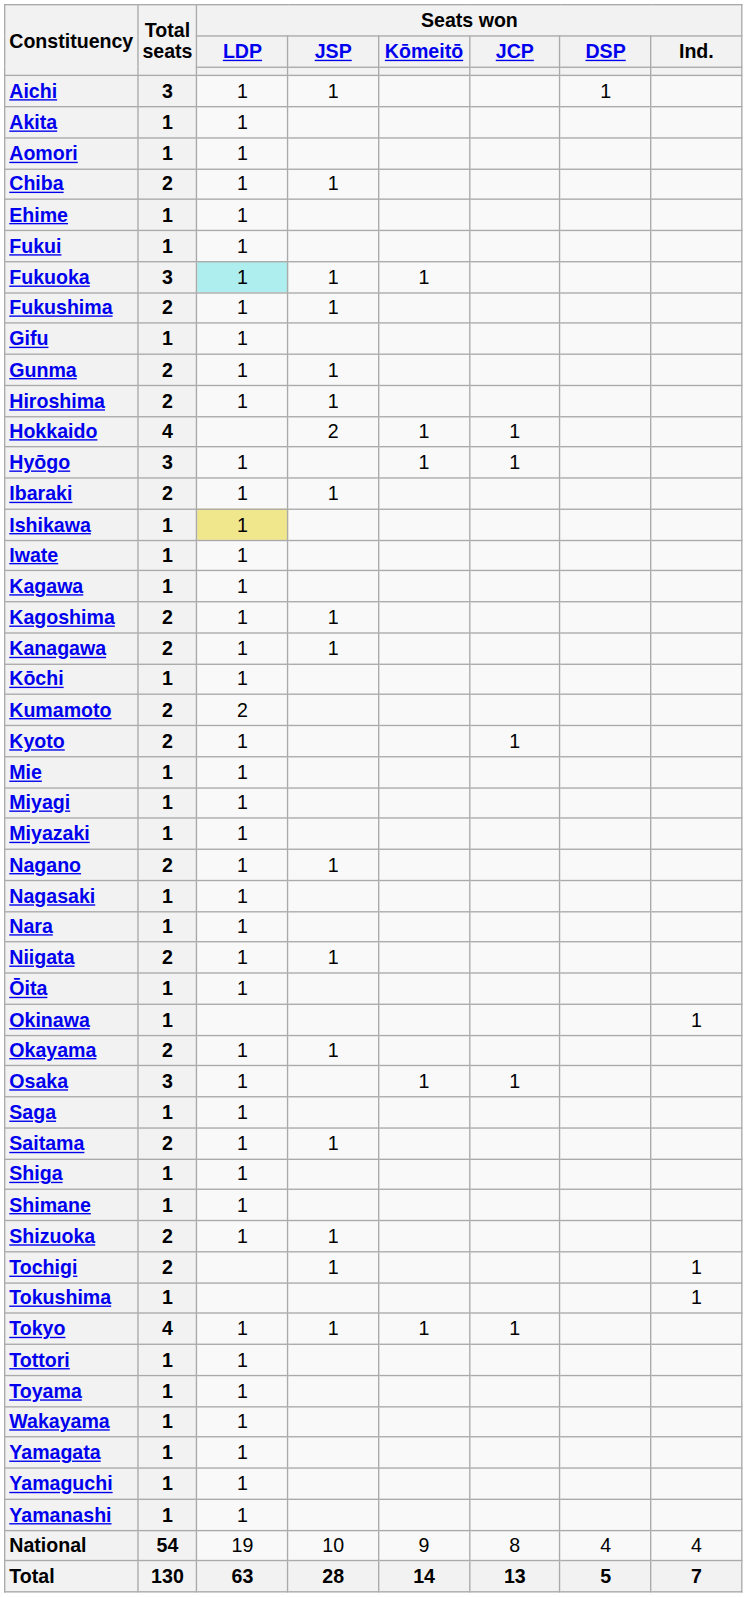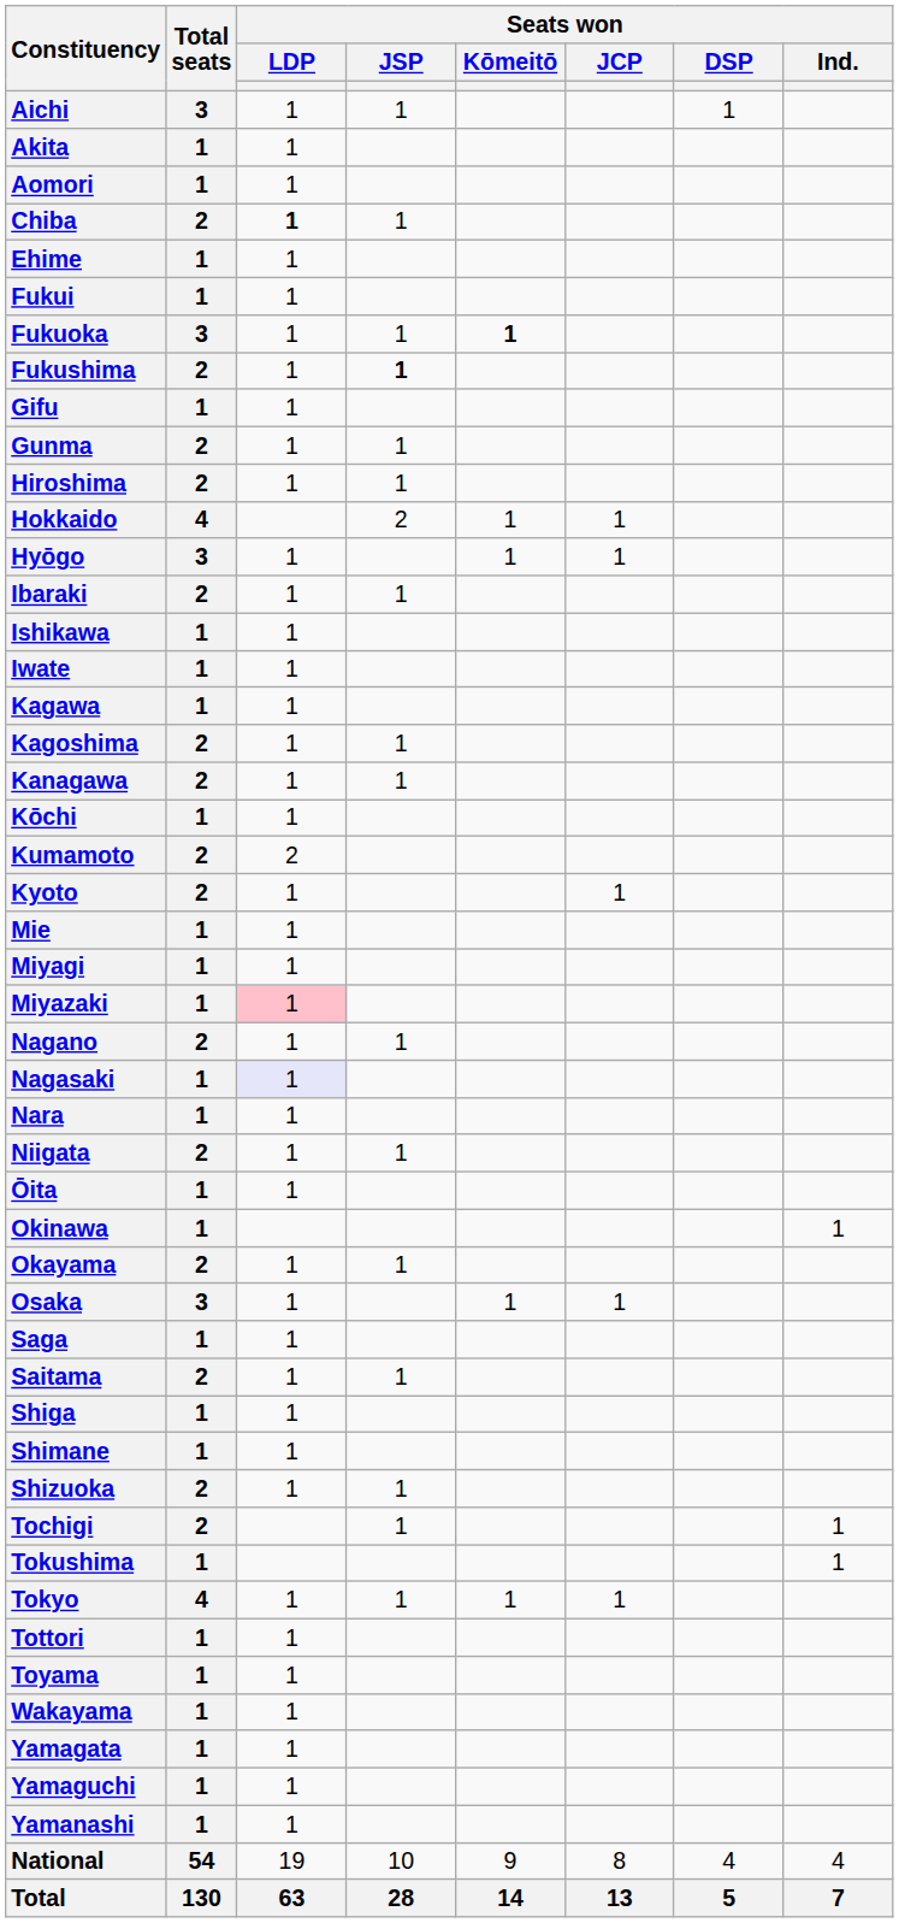 <table class="wikitable" style="text-align:center; font-size: 0.9em;">
 <tr>
 <th rowspan="3">Constituency</th>
 <th rowspan="3">Total<br>seats</th>
 <th colspan="6">Seats won</th>
 </tr>
 <tr>
 <th class="unsortable" style="width:60px;"><a href='#'>LDP</a></th>
 <th class="unsortable" style="width:60px;"><a href='#'>JSP</a></th>
 <th class="unsortable" style="width:60px;"><a href='#'>Kōmeitō</a></th>
 <th class="unsortable" style="width:60px;"><a href='#'>JCP</a></th>
 <th class="unsortable" style="width:60px;"><a href='#'>DSP</a></th>
 <th class="unsortable" style="width:60px;">Ind.</th>
 </tr>
 <tr>
 <th style="background:"></th>
 <th style="background:"></th>
 <th style="background:"></th>
 <th style="background:"></th>
 <th style="background:"></th>
 <th style="background:"></th>
 </tr>
 <tr>
 <th style="text-align: left;"><a href='#'>Aichi</a></th>
 <th>3</th>
 <td>1</td>
 <td>1</td>
 <td></td>
 <td></td>
 <td>1</td>
 <td></td>
 </tr>
 <tr>
 <th style="text-align: left;"><a href='#'>Akita</a></th>
 <th>1</th>
 <td>1</td>
 <td></td>
 <td></td>
 <td></td>
 <td></td>
 <td></td>
 </tr>
 <tr>
 <th style="text-align: left;"><a href='#'>Aomori</a></th>
 <th>1</th>
 <td>1</td>
 <td></td>
 <td></td>
 <td></td>
 <td></td>
 <td></td>
 </tr>
 <tr>
 <th style="text-align: left;"><a href='#'>Chiba</a></th>
 <th>2</th>
-<td>1</td>
+<td><strong>1</strong></td>
 <td>1</td>
 <td></td>
 <td></td>
 <td></td>
 <td></td>
 </tr>
 <tr>
 <th style="text-align: left;"><a href='#'>Ehime</a></th>
 <th>1</th>
 <td>1</td>
 <td></td>
 <td></td>
 <td></td>
 <td></td>
 <td></td>
 </tr>
 <tr>
 <th style="text-align: left;"><a href='#'>Fukui</a></th>
 <th>1</th>
 <td>1</td>
 <td></td>
 <td></td>
 <td></td>
 <td></td>
 <td></td>
 </tr>
 <tr>
 <th style="text-align: left;"><a href='#'>Fukuoka</a></th>
 <th>3</th>
-<td style="background: paleturquoise;">1</td>
 <td>1</td>
 <td>1</td>
+<td><strong>1</strong></td>
 <td></td>
 <td></td>
 <td></td>
 </tr>
 <tr>
 <th style="text-align: left;"><a href='#'>Fukushima</a></th>
 <th>2</th>
 <td>1</td>
-<td>1</td>
+<td><strong>1</strong></td>
 <td></td>
 <td></td>
 <td></td>
 <td></td>
 </tr>
 <tr>
 <th style="text-align: left;"><a href='#'>Gifu</a></th>
 <th>1</th>
 <td>1</td>
 <td></td>
 <td></td>
 <td></td>
 <td></td>
 <td></td>
 </tr>
 <tr>
 <th style="text-align: left;"><a href='#'>Gunma</a></th>
 <th>2</th>
 <td>1</td>
 <td>1</td>
 <td></td>
 <td></td>
 <td></td>
 <td></td>
 </tr>
 <tr>
 <th style="text-align: left;"><a href='#'>Hiroshima</a></th>
 <th>2</th>
 <td>1</td>
 <td>1</td>
 <td></td>
 <td></td>
 <td></td>
 <td></td>
 </tr>
 <tr>
 <th style="text-align: left;"><a href='#'>Hokkaido</a></th>
 <th>4</th>
 <td></td>
 <td>2</td>
 <td>1</td>
 <td>1</td>
 <td></td>
 <td></td>
 </tr>
 <tr>
 <th style="text-align: left;"><a href='#'>Hyōgo</a></th>
 <th>3</th>
 <td>1</td>
 <td></td>
 <td>1</td>
 <td>1</td>
 <td></td>
 <td></td>
 </tr>
 <tr>
 <th style="text-align: left;"><a href='#'>Ibaraki</a></th>
 <th>2</th>
 <td>1</td>
 <td>1</td>
 <td></td>
 <td></td>
 <td></td>
 <td></td>
 </tr>
 <tr>
 <th style="text-align: left;"><a href='#'>Ishikawa</a></th>
 <th>1</th>
-<td style="background: khaki;">1</td>
+<td>1</td>
 <td></td>
 <td></td>
 <td></td>
 <td></td>
 <td></td>
 </tr>
 <tr>
 <th style="text-align: left;"><a href='#'>Iwate</a></th>
 <th>1</th>
 <td>1</td>
 <td></td>
 <td></td>
 <td></td>
 <td></td>
 <td></td>
 </tr>
 <tr>
 <th style="text-align: left;"><a href='#'>Kagawa</a></th>
 <th>1</th>
 <td>1</td>
 <td></td>
 <td></td>
 <td></td>
 <td></td>
 <td></td>
 </tr>
 <tr>
 <th style="text-align: left;"><a href='#'>Kagoshima</a></th>
 <th>2</th>
 <td>1</td>
 <td>1</td>
 <td></td>
 <td></td>
 <td></td>
 <td></td>
 </tr>
 <tr>
 <th style="text-align: left;"><a href='#'>Kanagawa</a></th>
 <th>2</th>
 <td>1</td>
 <td>1</td>
 <td></td>
 <td></td>
 <td></td>
 <td></td>
 </tr>
 <tr>
 <th style="text-align: left;"><a href='#'>Kōchi</a></th>
 <th>1</th>
 <td>1</td>
 <td></td>
 <td></td>
 <td></td>
 <td></td>
 <td></td>
 </tr>
 <tr>
 <th style="text-align: left;"><a href='#'>Kumamoto</a></th>
 <th>2</th>
 <td>2</td>
 <td></td>
 <td></td>
 <td></td>
 <td></td>
 <td></td>
 </tr>
 <tr>
 <th style="text-align: left;"><a href='#'>Kyoto</a></th>
 <th>2</th>
 <td>1</td>
 <td></td>
 <td></td>
 <td>1</td>
 <td></td>
 <td></td>
 </tr>
 <tr>
 <th style="text-align: left;"><a href='#'>Mie</a></th>
 <th>1</th>
 <td>1</td>
 <td></td>
 <td></td>
 <td></td>
 <td></td>
 <td></td>
 </tr>
 <tr>
 <th style="text-align: left;"><a href='#'>Miyagi</a></th>
 <th>1</th>
 <td>1</td>
 <td></td>
 <td></td>
 <td></td>
 <td></td>
 <td></td>
 </tr>
 <tr>
 <th style="text-align: left;"><a href='#'>Miyazaki</a></th>
 <th>1</th>
-<td>1</td>
+<td style="background: pink;">1</td>
 <td></td>
 <td></td>
 <td></td>
 <td></td>
 <td></td>
 </tr>
 <tr>
 <th style="text-align: left;"><a href='#'>Nagano</a></th>
 <th>2</th>
 <td>1</td>
 <td>1</td>
 <td></td>
 <td></td>
 <td></td>
 <td></td>
 </tr>
 <tr>
 <th style="text-align: left;"><a href='#'>Nagasaki</a></th>
 <th>1</th>
-<td>1</td>
+<td style="background: lavender;">1</td>
 <td></td>
 <td></td>
 <td></td>
 <td></td>
 <td></td>
 </tr>
 <tr>
 <th style="text-align: left;"><a href='#'>Nara</a></th>
 <th>1</th>
 <td>1</td>
 <td></td>
 <td></td>
 <td></td>
 <td></td>
 <td></td>
 </tr>
 <tr>
 <th style="text-align: left;"><a href='#'>Niigata</a></th>
 <th>2</th>
 <td>1</td>
 <td>1</td>
 <td></td>
 <td></td>
 <td></td>
 <td></td>
 </tr>
 <tr>
 <th style="text-align: left;"><a href='#'>Ōita</a></th>
 <th>1</th>
 <td>1</td>
 <td></td>
 <td></td>
 <td></td>
 <td></td>
 <td></td>
 </tr>
 <tr>
 <th style="text-align: left;"><a href='#'>Okinawa</a></th>
 <th>1</th>
 <td></td>
 <td></td>
 <td></td>
 <td></td>
 <td></td>
 <td>1</td>
 </tr>
 <tr>
 <th style="text-align: left;"><a href='#'>Okayama</a></th>
 <th>2</th>
 <td>1</td>
 <td>1</td>
 <td></td>
 <td></td>
 <td></td>
 <td></td>
 </tr>
 <tr>
 <th style="text-align: left;"><a href='#'>Osaka</a></th>
 <th>3</th>
 <td>1</td>
 <td></td>
 <td>1</td>
 <td>1</td>
 <td></td>
 <td></td>
 </tr>
 <tr>
 <th style="text-align: left;"><a href='#'>Saga</a></th>
 <th>1</th>
 <td>1</td>
 <td></td>
 <td></td>
 <td></td>
 <td></td>
 <td></td>
 </tr>
 <tr>
 <th style="text-align: left;"><a href='#'>Saitama</a></th>
 <th>2</th>
 <td>1</td>
 <td>1</td>
 <td></td>
 <td></td>
 <td></td>
 <td></td>
 </tr>
 <tr>
 <th style="text-align: left;"><a href='#'>Shiga</a></th>
 <th>1</th>
 <td>1</td>
 <td></td>
 <td></td>
 <td></td>
 <td></td>
 <td></td>
 </tr>
 <tr>
 <th style="text-align: left;"><a href='#'>Shimane</a></th>
 <th>1</th>
 <td>1</td>
 <td></td>
 <td></td>
 <td></td>
 <td></td>
 <td></td>
 </tr>
 <tr>
 <th style="text-align: left;"><a href='#'>Shizuoka</a></th>
 <th>2</th>
 <td>1</td>
 <td>1</td>
 <td></td>
 <td></td>
 <td></td>
 <td></td>
 </tr>
 <tr>
 <th style="text-align: left;"><a href='#'>Tochigi</a></th>
 <th>2</th>
 <td></td>
 <td>1</td>
 <td></td>
 <td></td>
 <td></td>
 <td>1</td>
 </tr>
 <tr>
 <th style="text-align: left;"><a href='#'>Tokushima</a></th>
 <th>1</th>
 <td></td>
 <td></td>
 <td></td>
 <td></td>
 <td></td>
 <td>1</td>
 </tr>
 <tr>
 <th style="text-align: left;"><a href='#'>Tokyo</a></th>
 <th>4</th>
 <td>1</td>
 <td>1</td>
 <td>1</td>
 <td>1</td>
 <td></td>
 <td></td>
 </tr>
 <tr>
 <th style="text-align: left;"><a href='#'>Tottori</a></th>
 <th>1</th>
 <td>1</td>
 <td></td>
 <td></td>
 <td></td>
 <td></td>
 <td></td>
 </tr>
 <tr>
 <th style="text-align: left;"><a href='#'>Toyama</a></th>
 <th>1</th>
 <td>1</td>
 <td></td>
 <td></td>
 <td></td>
 <td></td>
 <td></td>
 </tr>
 <tr>
 <th style="text-align: left;"><a href='#'>Wakayama</a></th>
 <th>1</th>
 <td>1</td>
 <td></td>
 <td></td>
 <td></td>
 <td></td>
 <td></td>
 </tr>
 <tr>
 <th style="text-align: left;"><a href='#'>Yamagata</a></th>
 <th>1</th>
 <td>1</td>
 <td></td>
 <td></td>
 <td></td>
 <td></td>
 <td></td>
 </tr>
 <tr>
 <th style="text-align: left;"><a href='#'>Yamaguchi</a></th>
 <th>1</th>
 <td>1</td>
 <td></td>
 <td></td>
 <td></td>
 <td></td>
 <td></td>
 </tr>
 <tr>
 <th style="text-align: left;"><a href='#'>Yamanashi</a></th>
 <th>1</th>
 <td>1</td>
 <td></td>
 <td></td>
 <td></td>
 <td></td>
 <td></td>
 </tr>
 <tr>
 <th style="text-align: left;">National</th>
 <th>54</th>
 <td>19</td>
 <td>10</td>
 <td>9</td>
 <td>8</td>
 <td>4</td>
 <td>4</td>
 </tr>
 <tr class="sortbottom">
 <th style="text-align: left;">Total</th>
 <th>130</th>
 <th>63</th>
 <th>28</th>
 <th>14</th>
 <th>13</th>
 <th>5</th>
 <th>7</th>
 </tr>
 </table>
